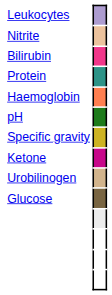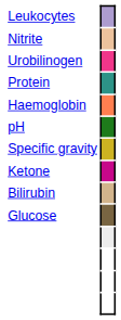 <table class="wikitable" align="left" style="background:#FFFFFF; border:0px; margin:10px;">
 <tr>
 <td style="border:0px"><a href='#'>Leukocytes</a></td>
 <td style="background: #AD9CD0;border-bottom:2px solid white; border-top:2px solid black; border-left:2px solid black; border-right:2px solid black">  </td>
 </tr>
 <tr>
 <td style="border:0px"><a href='#'>Nitrite</a></td>
 <td style="background: #ECC29D;border:2px solid white; border-left:2px solid black; border-right:2px solid black">  </td>
 </tr>
 <tr>
-<td style="border:0px"><a href='#'>Bilirubin</a></td>
+<td style="border:0px"><a href='#'>Urobilinogen</a></td>
 <td style="background: #F1368A;border:2px solid white; border-left:2px solid black; border-right:2px solid black">  </td>
 </tr>
 <tr>
 <td style="border:0px"><a href='#'>Protein</a></td>
 <td style="background: #2D9387;border:2px solid white; border-left:2px solid black; border-right:2px solid black">  </td>
 </tr>
 <tr>
 <td style="border:0px"><a href='#'>Haemoglobin</a></td>
 <td style="background: #FF7F50;border:2px solid white; border-left:2px solid black; border-right:2px solid black">  </td>
 </tr>
 <tr>
 <td style="border:0px"><a href='#'>pH</a></td>
 <td style="background: #1E7B1B;border:2px solid white; border-left:2px solid black; border-right:2px solid black">  </td>
 </tr>
 <tr>
 <td style="border:0px"><a href='#'>Specific gravity</a></td>
 <td style="background: #CDB322;border:2px solid white; border-left:2px solid black; border-right:2px solid black">  </td>
 </tr>
 <tr>
 <td style="border:0px"><a href='#'>Ketone</a></td>
 <td style="background: #C7078A;border:2px solid white; border-left:2px solid black; border-right:2px solid black">  </td>
 </tr>
 <tr>
-<td style="border:0px"><a href='#'>Urobilinogen</a></td>
+<td style="border:0px"><a href='#'>Bilirubin</a></td>
 <td style="background: #D2B48C;border:2px solid white; border-left:2px solid black; border-right:2px solid black">  </td>
 </tr>
 <tr>
 <td style="border:0px"><a href='#'>Glucose</a></td>
 <td style="background: #796542;border:2px solid white; border-left:2px solid black; border-right:2px solid black">  </td>
 </tr>
 <tr>
 <td style="border:0px"></td>
 <td style="background: #ECECEC;border:2px solid white; border-left:2px solid black; border-right:2px solid black">  </td>
 </tr>
 <tr>
 <td style="border:0px"></td>
 <td style="background: #FFFFFF;border:2px solid white; border-left:2px solid black; border-right:2px solid black">  </td>
 </tr>
 <tr>
 <td style="border:0px"></td>
 <td style="background: #FFFFFF;border:2px solid white; border-left:2px solid black; border-right:2px solid black">  </td>
 </tr>
 <tr>
 <td style="border:0px"></td>
 <td style="background: #FFFFFF;border:2px solid white; border-left:2px solid black; border-right:2px solid black; border-bottom:2px solid black">  </td>
 </tr>
 </table>
